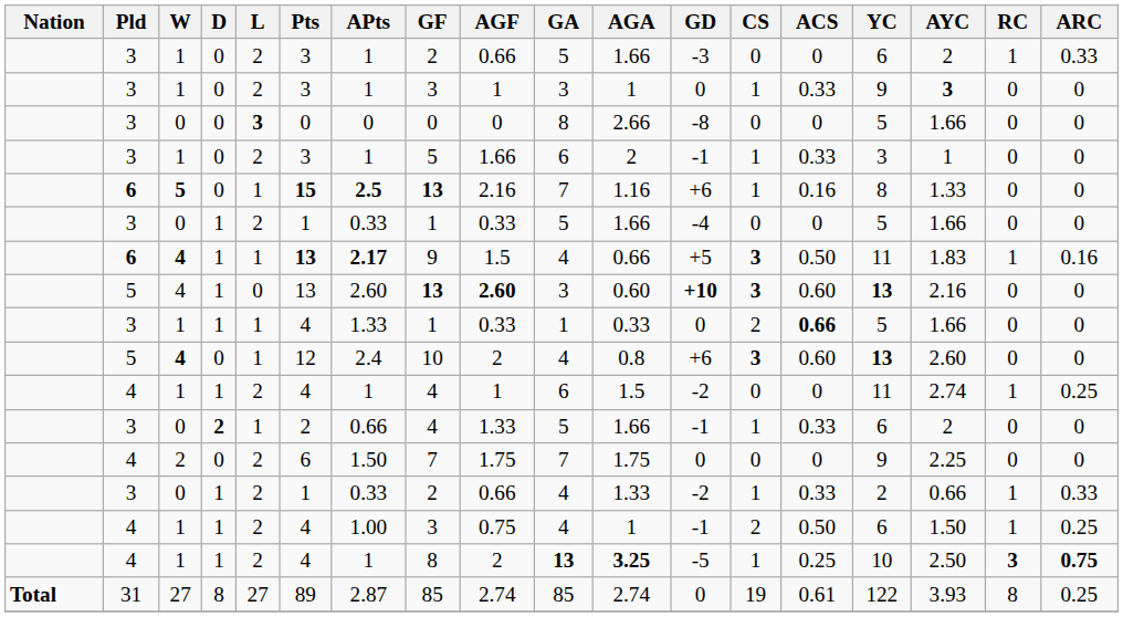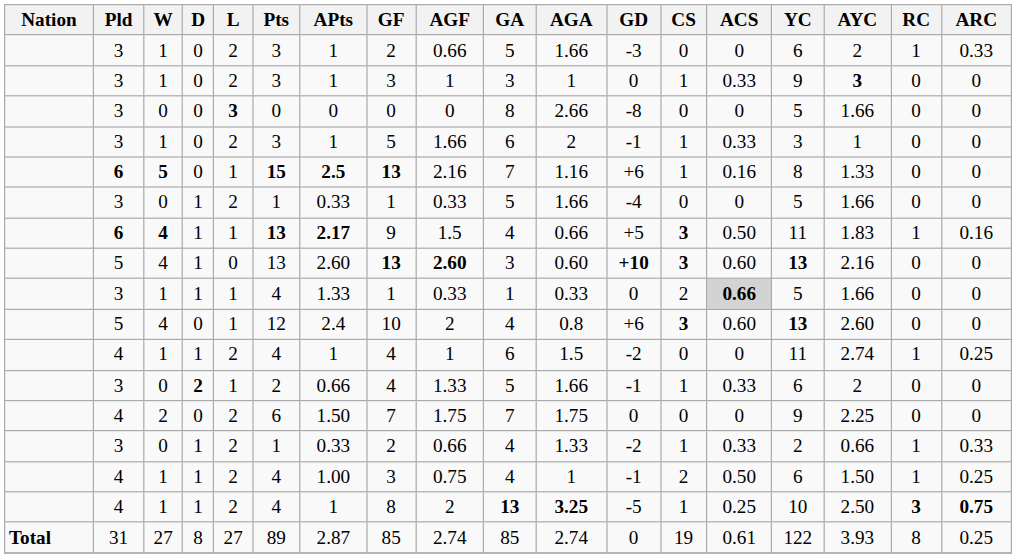 <table class="wikitable sortable" style="text-align:center; width:95%">
 <tr>
 <th>Nation</th>
 <th>Pld</th>
 <th>W</th>
 <th>D</th>
 <th>L</th>
 <th>Pts</th>
 <th>APts</th>
 <th>GF</th>
 <th>AGF</th>
 <th>GA</th>
 <th>AGA</th>
 <th>GD</th>
 <th>CS</th>
 <th>ACS</th>
 <th>YC</th>
 <th>AYC</th>
 <th>RC</th>
 <th>ARC</th>
 </tr>
 <tr>
 <td align="left"><em></em></td>
 <td>3</td>
 <td>1</td>
 <td>0</td>
 <td>2</td>
 <td>3</td>
 <td>1</td>
 <td>2</td>
 <td>0.66</td>
 <td>5</td>
 <td>1.66</td>
 <td>-3</td>
 <td>0</td>
 <td>0</td>
 <td>6</td>
 <td>2</td>
 <td>1</td>
 <td>0.33</td>
 </tr>
 <tr>
 <td align="left"></td>
 <td>3</td>
 <td>1</td>
 <td>0</td>
 <td>2</td>
 <td>3</td>
 <td>1</td>
 <td>3</td>
 <td>1</td>
 <td>3</td>
 <td>1</td>
 <td>0</td>
 <td>1</td>
 <td>0.33</td>
 <td>9</td>
 <td><strong>3</strong></td>
 <td>0</td>
 <td>0</td>
 </tr>
 <tr>
 <td align="left"></td>
 <td>3</td>
 <td>0</td>
 <td>0</td>
 <td><strong>3</strong></td>
 <td>0</td>
 <td>0</td>
 <td>0</td>
 <td>0</td>
 <td>8</td>
 <td>2.66</td>
 <td>-8</td>
 <td>0</td>
 <td>0</td>
 <td>5</td>
 <td>1.66</td>
 <td>0</td>
 <td>0</td>
 </tr>
 <tr>
 <td align="left"></td>
 <td>3</td>
 <td>1</td>
 <td>0</td>
 <td>2</td>
 <td>3</td>
 <td>1</td>
 <td>5</td>
 <td>1.66</td>
 <td>6</td>
 <td>2</td>
 <td>-1</td>
 <td>1</td>
 <td>0.33</td>
 <td>3</td>
 <td>1</td>
 <td>0</td>
 <td>0</td>
 </tr>
 <tr>
 <td align="left"></td>
 <td><strong>6</strong></td>
 <td><strong>5</strong></td>
 <td>0</td>
 <td>1</td>
 <td><strong>15</strong></td>
 <td><strong>2.5</strong></td>
 <td><strong>13</strong></td>
 <td>2.16</td>
 <td>7</td>
 <td>1.16</td>
 <td>+6</td>
 <td>1</td>
 <td>0.16</td>
 <td>8</td>
 <td>1.33</td>
 <td>0</td>
 <td>0</td>
 </tr>
 <tr>
 <td align="left"></td>
 <td>3</td>
 <td>0</td>
 <td>1</td>
 <td>2</td>
 <td>1</td>
 <td>0.33</td>
 <td>1</td>
 <td>0.33</td>
 <td>5</td>
 <td>1.66</td>
 <td>-4</td>
 <td>0</td>
 <td>0</td>
 <td>5</td>
 <td>1.66</td>
 <td>0</td>
 <td>0</td>
 </tr>
 <tr>
 <td align="left"></td>
 <td><strong>6</strong></td>
 <td><strong>4</strong></td>
 <td>1</td>
 <td>1</td>
 <td><strong>13</strong></td>
 <td><strong>2.17</strong></td>
 <td>9</td>
 <td>1.5</td>
 <td>4</td>
 <td>0.66</td>
 <td>+5</td>
 <td><strong>3</strong></td>
 <td>0.50</td>
 <td>11</td>
 <td>1.83</td>
 <td>1</td>
 <td>0.16</td>
 </tr>
 <tr>
 <td align="left"><em></em></td>
 <td>5</td>
 <td>4</td>
 <td>1</td>
 <td>0</td>
 <td>13</td>
 <td>2.60</td>
 <td><strong>13</strong></td>
 <td><strong>2.60</strong></td>
 <td>3</td>
 <td>0.60</td>
 <td><strong>+10</strong></td>
 <td><strong>3</strong></td>
 <td>0.60</td>
 <td><strong>13</strong></td>
 <td>2.16</td>
 <td>0</td>
 <td>0</td>
 </tr>
 <tr>
 <td align="left"></td>
 <td>3</td>
 <td>1</td>
 <td>1</td>
 <td>1</td>
 <td>4</td>
 <td>1.33</td>
 <td>1</td>
 <td>0.33</td>
 <td>1</td>
 <td>0.33</td>
 <td>0</td>
 <td>2</td>
-<td><strong>0.66</strong></td>
+<td style="background: lightgrey;"><strong>0.66</strong></td>
 <td>5</td>
 <td>1.66</td>
 <td>0</td>
 <td>0</td>
 </tr>
 <tr>
 <td align="left"></td>
 <td>5</td>
-<td><strong>4</strong></td>
+<td>4</td>
 <td>0</td>
 <td>1</td>
 <td>12</td>
 <td>2.4</td>
 <td>10</td>
 <td>2</td>
 <td>4</td>
 <td>0.8</td>
 <td>+6</td>
 <td><strong>3</strong></td>
 <td>0.60</td>
 <td><strong>13</strong></td>
 <td>2.60</td>
 <td>0</td>
 <td>0</td>
 </tr>
 <tr>
 <td align="left"></td>
 <td>4</td>
 <td>1</td>
 <td>1</td>
 <td>2</td>
 <td>4</td>
 <td>1</td>
 <td>4</td>
 <td>1</td>
 <td>6</td>
 <td>1.5</td>
 <td>-2</td>
 <td>0</td>
 <td>0</td>
 <td>11</td>
 <td>2.74</td>
 <td>1</td>
 <td>0.25</td>
 </tr>
 <tr>
 <td align="left"></td>
 <td>3</td>
 <td>0</td>
 <td><strong>2</strong></td>
 <td>1</td>
 <td>2</td>
 <td>0.66</td>
 <td>4</td>
 <td>1.33</td>
 <td>5</td>
 <td>1.66</td>
 <td>-1</td>
 <td>1</td>
 <td>0.33</td>
 <td>6</td>
 <td>2</td>
 <td>0</td>
 <td>0</td>
 </tr>
 <tr>
 <td align="left"></td>
 <td>4</td>
 <td>2</td>
 <td>0</td>
 <td>2</td>
 <td>6</td>
 <td>1.50</td>
 <td>7</td>
 <td>1.75</td>
 <td>7</td>
 <td>1.75</td>
 <td>0</td>
 <td>0</td>
 <td>0</td>
 <td>9</td>
 <td>2.25</td>
 <td>0</td>
 <td>0</td>
 </tr>
 <tr>
 <td align="left"></td>
 <td>3</td>
 <td>0</td>
 <td>1</td>
 <td>2</td>
 <td>1</td>
 <td>0.33</td>
 <td>2</td>
 <td>0.66</td>
 <td>4</td>
 <td>1.33</td>
 <td>-2</td>
 <td>1</td>
 <td>0.33</td>
 <td>2</td>
 <td>0.66</td>
 <td>1</td>
 <td>0.33</td>
 </tr>
 <tr>
 <td align="left"></td>
 <td>4</td>
 <td>1</td>
 <td>1</td>
 <td>2</td>
 <td>4</td>
 <td>1.00</td>
 <td>3</td>
 <td>0.75</td>
 <td>4</td>
 <td>1</td>
 <td>-1</td>
 <td>2</td>
 <td>0.50</td>
 <td>6</td>
 <td>1.50</td>
 <td>1</td>
 <td>0.25</td>
 </tr>
 <tr>
 <td align="left"></td>
 <td>4</td>
 <td>1</td>
 <td>1</td>
 <td>2</td>
 <td>4</td>
 <td>1</td>
 <td>8</td>
 <td>2</td>
 <td><strong>13</strong></td>
 <td><strong>3.25</strong></td>
 <td>-5</td>
 <td>1</td>
 <td>0.25</td>
 <td>10</td>
 <td>2.50</td>
 <td><strong>3</strong></td>
 <td><strong>0.75</strong></td>
 </tr>
 <tr>
 <td align="left"><strong>Total</strong></td>
 <td>31</td>
 <td>27</td>
 <td>8</td>
 <td>27</td>
 <td>89</td>
 <td>2.87</td>
 <td>85</td>
 <td>2.74</td>
 <td>85</td>
 <td>2.74</td>
 <td>0</td>
 <td>19</td>
 <td>0.61</td>
 <td>122</td>
 <td>3.93</td>
 <td>8</td>
 <td>0.25</td>
 </tr>
 <tr>
 </tr>
 </table>
